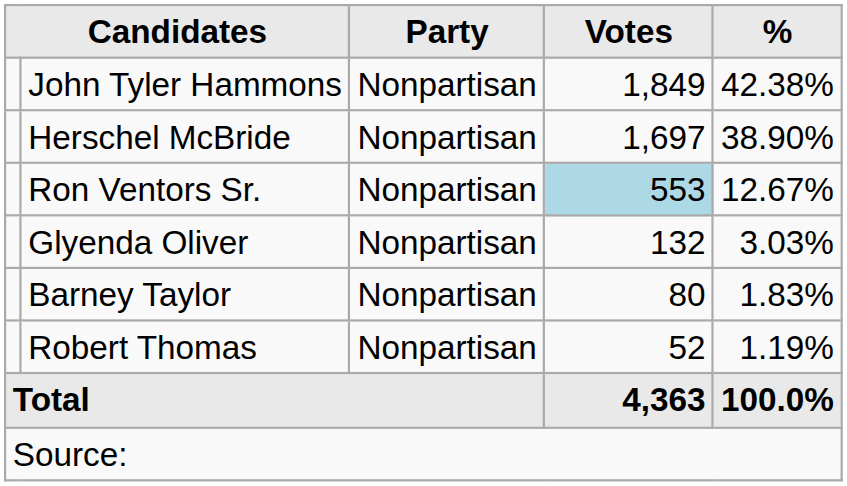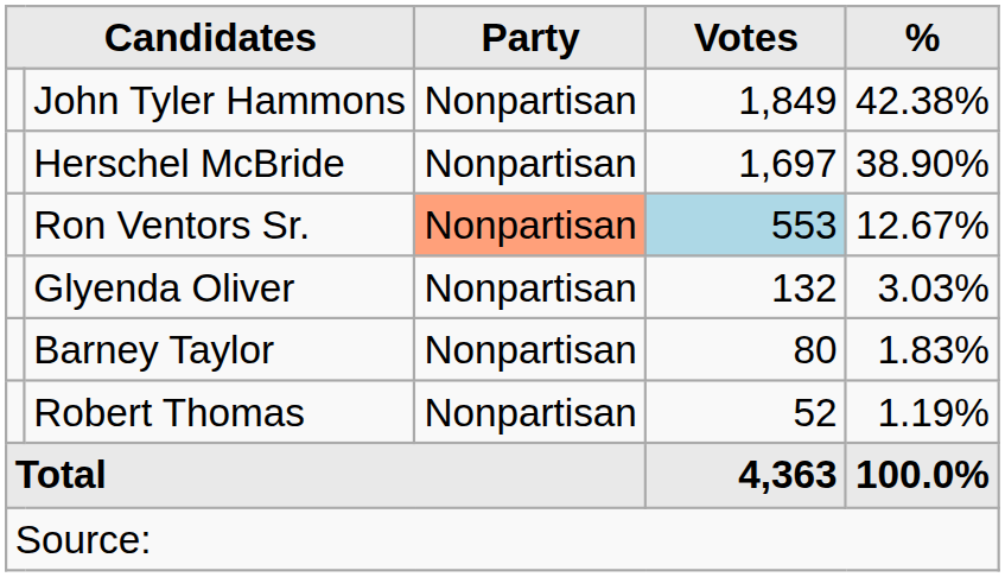 <table class=wikitable style="font-size:95%; text-align:right;">
 <tr>
 <th style="background-color:#E9E9E9" align=center colspan=2>Candidates</th>
 <th style="background-color:#E9E9E9" align=center>Party</th>
 <th style="background-color:#E9E9E9" align=center>Votes</th>
 <th style="background-color:#E9E9E9" align=center>%</th>
 </tr>
 <tr>
 <td></td>
 <td align=left>John Tyler Hammons</td>
 <td>Nonpartisan</td>
 <td>1,849</td>
 <td>42.38%</td>
 </tr>
 <tr>
 <td></td>
 <td align=left>Herschel McBride</td>
 <td>Nonpartisan</td>
 <td>1,697</td>
 <td>38.90%</td>
 </tr>
 <tr>
 <td></td>
 <td align=left>Ron Ventors Sr.</td>
-<td>Nonpartisan</td>
+<td style="background: lightsalmon;">Nonpartisan</td>
 <td style="background: lightblue;">553</td>
 <td>12.67%</td>
 </tr>
 <tr>
 <td></td>
 <td align=left>Glyenda Oliver</td>
 <td>Nonpartisan</td>
 <td>132</td>
 <td>3.03%</td>
 </tr>
 <tr>
 <td></td>
 <td align=left>Barney Taylor</td>
 <td>Nonpartisan</td>
 <td>80</td>
 <td>1.83%</td>
 </tr>
 <tr>
 <td></td>
 <td align=left>Robert Thomas</td>
 <td>Nonpartisan</td>
 <td>52</td>
 <td>1.19%</td>
 </tr>
 <tr>
 <td align=left colspan=3 style="background-color:#E9E9E9"><strong>Total</strong></td>
 <td width="70" align="right" style="background-color:#E9E9E9"><strong>4,363</strong></td>
 <td width="30" align="right" style="background-color:#E9E9E9"><strong>100.0%</strong></td>
 </tr>
 <tr>
 <td align="left" colspan=6>Source: </td>
 </tr>
 </table>
